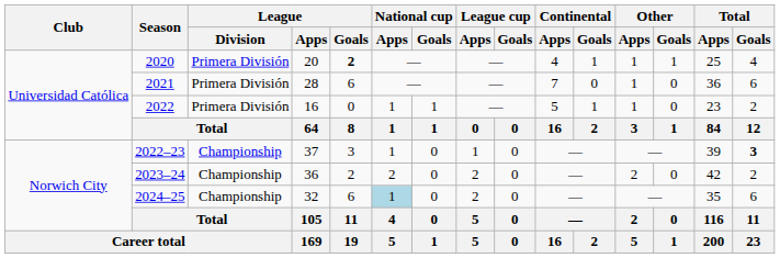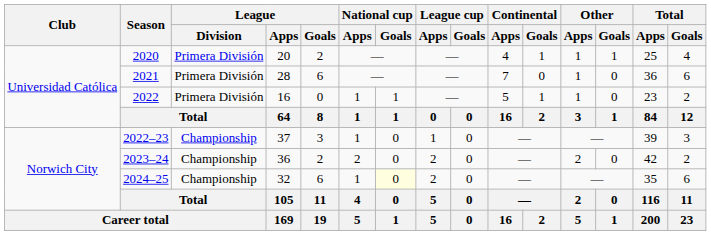 <table class="wikitable" style="text-align:center">
 <tr>
 <th rowspan="2">Club</th>
 <th rowspan="2">Season</th>
 <th colspan="3">League</th>
 <th colspan="2">National cup</th>
 <th colspan="2">League cup</th>
 <th colspan="2">Continental</th>
 <th colspan="2">Other</th>
 <th colspan="2">Total</th>
 </tr>
 <tr>
 <th>Division</th>
 <th>Apps</th>
 <th>Goals</th>
 <th>Apps</th>
 <th>Goals</th>
 <th>Apps</th>
 <th>Goals</th>
 <th>Apps</th>
 <th>Goals</th>
 <th>Apps</th>
 <th>Goals</th>
 <th>Apps</th>
 <th>Goals</th>
 </tr>
 <tr>
 <td rowspan="4"><a href='#'>Universidad Católica</a></td>
 <td><a href='#'>2020</a></td>
 <td><a href='#'>Primera División</a></td>
 <td>20</td>
-<td><strong>2</strong></td>
+<td>2</td>
 <td colspan="2">—</td>
 <td colspan="2">—</td>
 <td>4</td>
 <td>1</td>
 <td>1</td>
 <td>1</td>
 <td>25</td>
 <td>4</td>
 </tr>
 <tr>
 <td><a href='#'>2021</a></td>
 <td>Primera División</td>
 <td>28</td>
 <td>6</td>
 <td colspan="2">—</td>
 <td colspan="2">—</td>
 <td>7</td>
 <td>0</td>
 <td>1</td>
 <td>0</td>
 <td>36</td>
 <td>6</td>
 </tr>
 <tr>
 <td><a href='#'>2022</a></td>
 <td>Primera División</td>
 <td>16</td>
 <td>0</td>
 <td>1</td>
 <td>1</td>
 <td colspan="2">—</td>
 <td>5</td>
 <td>1</td>
 <td>1</td>
 <td>0</td>
 <td>23</td>
 <td>2</td>
 </tr>
 <tr>
 <th colspan="2">Total</th>
 <th>64</th>
 <th>8</th>
 <th>1</th>
 <th>1</th>
 <th>0</th>
 <th>0</th>
 <th>16</th>
 <th>2</th>
 <th>3</th>
 <th>1</th>
 <th>84</th>
 <th>12</th>
 </tr>
 <tr>
 <td rowspan="4"><a href='#'>Norwich City</a></td>
 <td><a href='#'>2022–23</a></td>
 <td><a href='#'>Championship</a></td>
 <td>37</td>
 <td>3</td>
 <td>1</td>
 <td>0</td>
 <td>1</td>
 <td>0</td>
 <td colspan="2">—</td>
 <td colspan="2">—</td>
 <td>39</td>
-<td><strong>3</strong></td>
+<td>3</td>
 </tr>
 <tr>
 <td><a href='#'>2023–24</a></td>
 <td>Championship</td>
 <td>36</td>
 <td>2</td>
 <td>2</td>
 <td>0</td>
 <td>2</td>
 <td>0</td>
 <td colspan="2">—</td>
 <td>2</td>
 <td>0</td>
 <td>42</td>
 <td>2</td>
 </tr>
 <tr>
 <td><a href='#'>2024–25</a></td>
 <td>Championship</td>
 <td>32</td>
 <td>6</td>
-<td style="background: lightblue;">1</td>
-<td>0</td>
+<td>1</td>
+<td style="background: lightyellow;">0</td>
 <td>2</td>
 <td>0</td>
 <td colspan="2">—</td>
 <td colspan="2">—</td>
 <td>35</td>
 <td>6</td>
 </tr>
 <tr>
 <th colspan="2">Total</th>
 <th>105</th>
 <th>11</th>
 <th>4</th>
 <th>0</th>
 <th>5</th>
 <th>0</th>
 <th colspan="2">—</th>
 <th>2</th>
 <th>0</th>
 <th>116</th>
 <th>11</th>
 </tr>
 <tr>
 <th colspan="3">Career total</th>
 <th>169</th>
 <th>19</th>
 <th>5</th>
 <th>1</th>
 <th>5</th>
 <th>0</th>
 <th>16</th>
 <th>2</th>
 <th>5</th>
 <th>1</th>
 <th>200</th>
 <th>23</th>
 </tr>
 </table>
